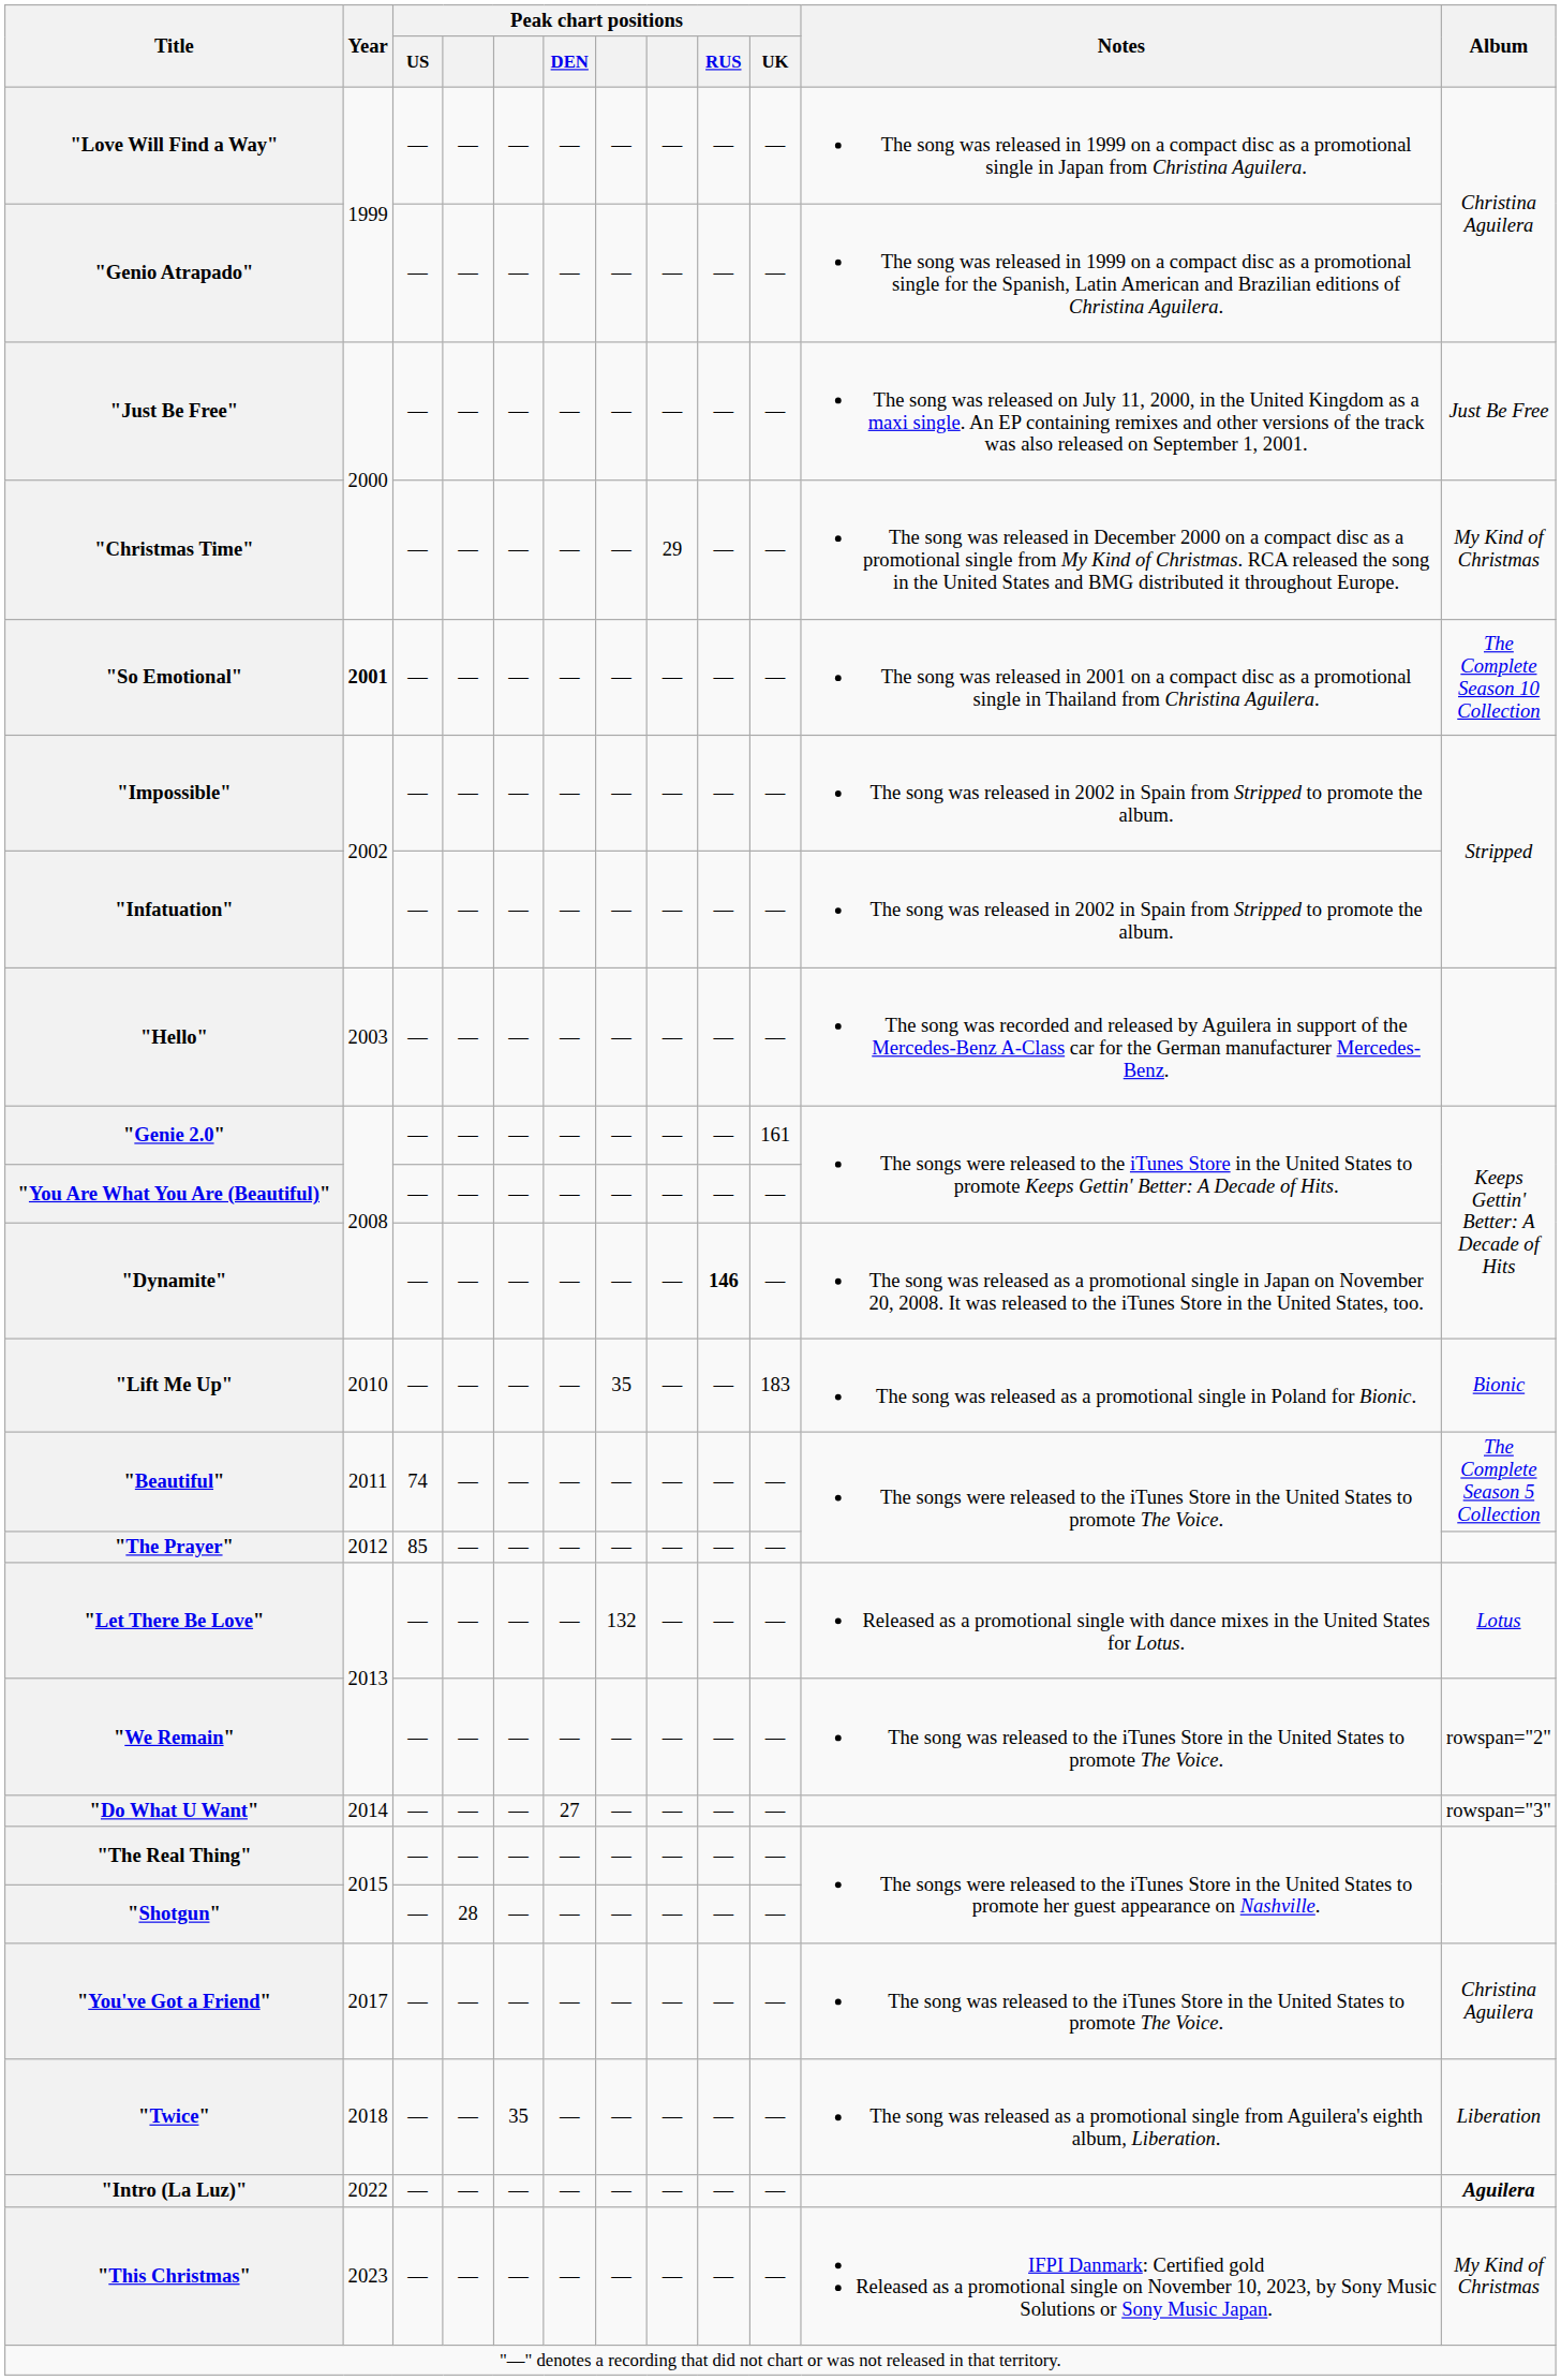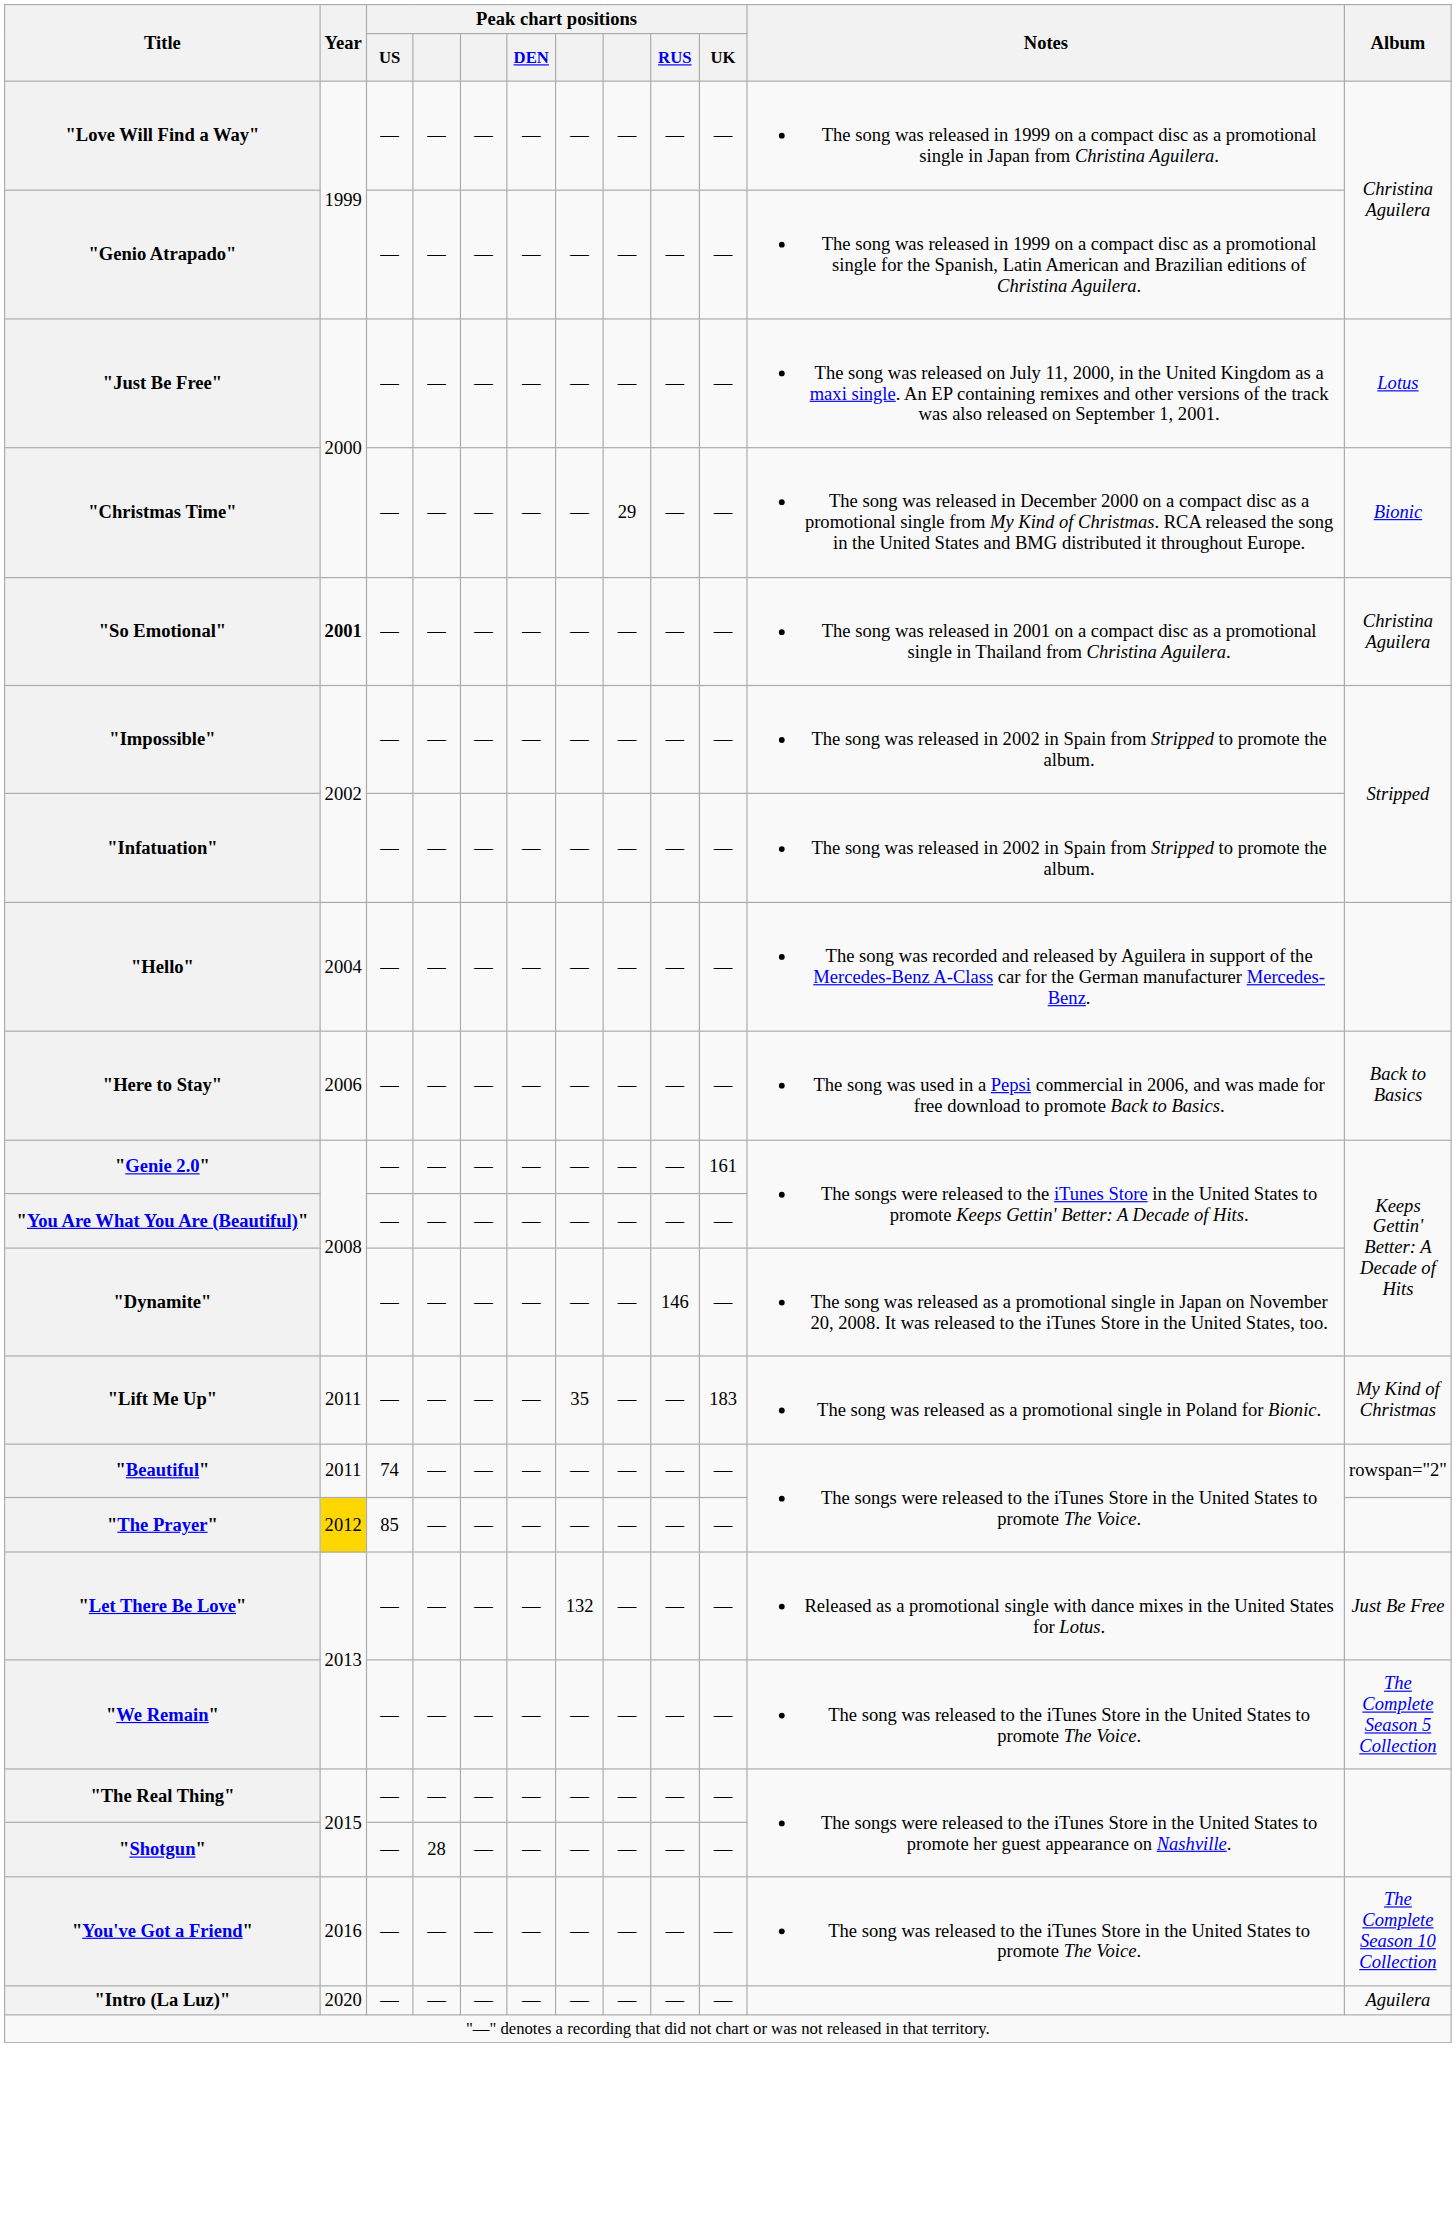 <table class="wikitable plainrowheaders" style="text-align:center;" border="1">
 <tr>
 <th scope="col" rowspan="2" style="width:18em;">Title</th>
 <th scope="col" rowspan="2">Year</th>
 <th scope="col" colspan="8">Peak chart positions</th>
 <th scope="col" rowspan="2" style="width:35em;">Notes</th>
 <th scope="col" rowspan="2">Album</th>
 </tr>
 <tr>
 <th scope="col" style="width:2.5em;font-size:90%;">US<br></th>
 <th scope="col" style="width:2.5em;font-size:90%;"><a href='#'></a><br></th>
 <th scope="col" style="width:2.5em;font-size:90%;"><a href='#'></a><br></th>
 <th scope="col" style="width:2.5em;font-size:90%;"><a href='#'>DEN</a><br></th>
 <th scope="col" style="width:2.5em;font-size:90%;"><a href='#'></a><br><br></th>
 <th scope="col" style="width:2.5em;font-size:90%;"><br></th>
 <th scope="col" style="width:2.5em;font-size:90%;"><a href='#'>RUS</a><br></th>
 <th scope="col" style="width:2.5em;font-size:90%;">UK<br></th>
 </tr>
 <tr>
 <th scope="row">"Love Will Find a Way"</th>
 <td rowspan="2">1999</td>
 <td>—</td>
 <td>—</td>
 <td>—</td>
 <td>—</td>
 <td>—</td>
 <td>—</td>
 <td>—</td>
 <td>—</td>
 <td><br><ul><li>The song was released in 1999 on a compact disc as a promotional single in Japan from <em>Christina Aguilera</em>.</li></ul></td>
 <td rowspan="2"><em>Christina Aguilera</em></td>
 </tr>
 <tr>
 <th scope="row">"Genio Atrapado"</th>
 <td>—</td>
 <td>—</td>
 <td>—</td>
 <td>—</td>
 <td>—</td>
 <td>—</td>
 <td>—</td>
 <td>—</td>
 <td><br><ul><li>The song was released in 1999 on a compact disc as a promotional single for the Spanish, Latin American and Brazilian editions of <em>Christina Aguilera</em>.</li></ul></td>
 </tr>
 <tr>
 <th scope="row">"Just Be Free"</th>
 <td rowspan="2">2000</td>
 <td>—</td>
 <td>—</td>
 <td>—</td>
 <td>—</td>
 <td>—</td>
 <td>—</td>
 <td>—</td>
 <td>—</td>
 <td><br><ul><li>The song was released on July 11, 2000, in the United Kingdom as a <a href='#'>maxi single</a>. An EP containing remixes and other versions of the track was also released on September 1, 2001.</li></ul></td>
-<td><em>Just Be Free</em></td>
+<td><em><a href='#'>Lotus</a></em></td>
 </tr>
 <tr>
 <th scope="row">"Christmas Time"</th>
 <td>—</td>
 <td>—</td>
 <td>—</td>
 <td>—</td>
 <td>—</td>
 <td>29</td>
 <td>—</td>
 <td>—</td>
 <td><br><ul><li>The song was released in December 2000 on a compact disc as a promotional single from <em>My Kind of Christmas</em>. RCA released the song in the United States and BMG distributed it throughout Europe.</li></ul></td>
-<td><em>My Kind of Christmas</em></td>
+<td><em><a href='#'>Bionic</a></em></td>
 </tr>
 <tr>
 <th scope="row">"So Emotional"</th>
 <td><strong>2001</strong></td>
 <td>—</td>
 <td>—</td>
 <td>—</td>
 <td>—</td>
 <td>—</td>
 <td>—</td>
 <td>—</td>
 <td>—</td>
 <td><br><ul><li>The song was released in 2001 on a compact disc as a promotional single in Thailand from <em>Christina Aguilera</em>.</li></ul></td>
-<td><em><a href='#'>The Complete Season 10 Collection</a></em></td>
+<td><em>Christina Aguilera</em></td>
 </tr>
 <tr>
 <th scope="row">"Impossible"</th>
 <td rowspan="2">2002</td>
 <td>—</td>
 <td>—</td>
 <td>—</td>
 <td>—</td>
 <td>—</td>
 <td>—</td>
 <td>—</td>
 <td>—</td>
 <td><br><ul><li>The song was released in 2002 in Spain from <em>Stripped</em> to promote the album.</li></ul></td>
 <td rowspan="2"><em>Stripped</em></td>
 </tr>
 <tr>
 <th scope="row">"Infatuation"</th>
 <td>—</td>
 <td>—</td>
 <td>—</td>
 <td>—</td>
 <td>—</td>
 <td>—</td>
 <td>—</td>
 <td>—</td>
 <td><br><ul><li>The song was released in 2002 in Spain from <em>Stripped</em> to promote the album.</li></ul></td>
 </tr>
 <tr>
 <th scope="row">"Hello"</th>
-<td>2003</td>
+<td>2004</td>
 <td>—</td>
 <td>—</td>
 <td>—</td>
 <td>—</td>
 <td>—</td>
 <td>—</td>
 <td>—</td>
 <td>—</td>
 <td><br><ul><li>The song was recorded and released by Aguilera in support of the <a href='#'>Mercedes-Benz A-Class</a> car for the German manufacturer <a href='#'>Mercedes-Benz</a>.</li></ul></td>
 <td></td>
+</tr>
+<tr>
+<th scope="row">"Here to Stay"</th>
+<td>2006</td>
+<td>—</td>
+<td>—</td>
+<td>—</td>
+<td>—</td>
+<td>—</td>
+<td>—</td>
+<td>—</td>
+<td>—</td>
+<td><br><ul><li>The song was used in a <a href='#'>Pepsi</a> commercial in 2006, and was made for free download to promote <em>Back to Basics</em>.</li></ul></td>
+<td><em>Back to Basics</em></td>
 </tr>
 <tr>
 <th scope="row">"<a href='#'>Genie 2.0</a>"</th>
 <td rowspan="3">2008</td>
 <td>—</td>
 <td>—</td>
 <td>—</td>
 <td>—</td>
 <td>—</td>
 <td>—</td>
 <td>—</td>
 <td>161</td>
 <td rowspan="2"><br><ul><li>The songs were released to the <a href='#'>iTunes Store</a> in the United States to promote <em>Keeps Gettin' Better: A Decade of Hits</em>.</li></ul></td>
 <td rowspan="3"><em>Keeps Gettin' Better: A Decade of Hits</em></td>
 </tr>
 <tr>
 <th scope="row">"<a href='#'>You Are What You Are (Beautiful)</a>"</th>
 <td>—</td>
 <td>—</td>
 <td>—</td>
 <td>—</td>
 <td>—</td>
 <td>—</td>
 <td>—</td>
 <td>—</td>
 </tr>
 <tr>
 <th scope="row">"Dynamite"</th>
 <td>—</td>
 <td>—</td>
 <td>—</td>
 <td>—</td>
 <td>—</td>
 <td>—</td>
-<td><strong>146</strong></td>
+<td>146</td>
 <td>—</td>
 <td><br><ul><li>The song was released as a promotional single in Japan on November 20, 2008. It was released to the iTunes Store in the United States, too.</li></ul></td>
 </tr>
 <tr>
 <th scope="row">"Lift Me Up"</th>
-<td>2010</td>
+<td>2011</td>
 <td>—</td>
 <td>—</td>
 <td>—</td>
 <td>—</td>
 <td>35</td>
 <td>—</td>
 <td>—</td>
 <td>183</td>
 <td><br><ul><li>The song was released as a promotional single in Poland for <em>Bionic</em>.</li></ul></td>
-<td><em><a href='#'>Bionic</a></em></td>
+<td><em>My Kind of Christmas</em></td>
 </tr>
 <tr>
 <th scope="row">"<a href='#'>Beautiful</a>"<br></th>
 <td>2011</td>
 <td>74</td>
 <td>—</td>
 <td>—</td>
 <td>—</td>
 <td>—</td>
 <td>—</td>
 <td>—</td>
 <td>—</td>
 <td rowspan="2"><br><ul><li>The songs were released to the iTunes Store in the United States to promote <em>The Voice</em>.</li></ul></td>
-<td><em><a href='#'>The Complete Season 5 Collection</a></em></td>
+<td>rowspan="2" </td>
 </tr>
 <tr>
 <th scope="row">"<a href='#'>The Prayer</a>"<br></th>
-<td>2012</td>
+<td style="background: gold;">2012</td>
 <td>85</td>
 <td>—</td>
 <td>—</td>
 <td>—</td>
 <td>—</td>
 <td>—</td>
 <td>—</td>
 <td>—</td>
 </tr>
 <tr>
 <th scope="row">"<a href='#'>Let There Be Love</a>"</th>
 <td rowspan="2">2013</td>
 <td>—</td>
 <td>—</td>
 <td>—</td>
 <td>—</td>
 <td>132</td>
 <td>—</td>
 <td>—</td>
 <td>—</td>
 <td><br><ul><li>Released as a promotional single with dance mixes in the United States for <em>Lotus</em>.</li></ul></td>
-<td><em><a href='#'>Lotus</a></em></td>
+<td><em>Just Be Free</em></td>
 </tr>
 <tr>
 <th scope="row">"<a href='#'>We Remain</a>"<br></th>
 <td>—</td>
 <td>—</td>
 <td>—</td>
 <td>—</td>
 <td>—</td>
 <td>—</td>
 <td>—</td>
 <td>—</td>
 <td><br><ul><li>The song was released to the iTunes Store in the United States to promote <em>The Voice</em>.</li></ul></td>
-<td>rowspan="2" </td>
-</tr>
-<tr>
-<th scope="row">"<a href='#'>Do What U Want</a>" <br></th>
-<td>2014</td>
-<td>—</td>
-<td>—</td>
-<td>—</td>
-<td>27</td>
-<td>—</td>
-<td>—</td>
-<td>—</td>
-<td>—</td>
-<td></td>
-<td>rowspan="3" </td>
+<td><em><a href='#'>The Complete Season 5 Collection</a></em></td>
 </tr>
 <tr>
 <th scope="row">"The Real Thing"<br></th>
 <td rowspan="2">2015</td>
 <td>—</td>
 <td>—</td>
 <td>—</td>
 <td>—</td>
 <td>—</td>
 <td>—</td>
 <td>—</td>
 <td>—</td>
 <td rowspan="2"><br><ul><li>The songs were released to the iTunes Store in the United States to promote her guest appearance on <em><a href='#'>Nashville</a></em>.</li></ul></td>
 </tr>
 <tr>
 <th scope="row">"<a href='#'>Shotgun</a>"<br></th>
 <td>—</td>
 <td>28</td>
 <td>—</td>
 <td>—</td>
 <td>—</td>
 <td>—</td>
 <td>—</td>
 <td>—</td>
 </tr>
 <tr>
 <th scope="row">"<a href='#'>You've Got a Friend</a>"<br></th>
-<td>2017</td>
+<td>2016</td>
 <td>—</td>
 <td>—</td>
 <td>—</td>
 <td>—</td>
 <td>—</td>
 <td>—</td>
 <td>—</td>
 <td>—</td>
 <td><br><ul><li>The song was released to the iTunes Store in the United States to promote <em>The Voice</em>.</li></ul></td>
-<td><em>Christina Aguilera</em></td>
-</tr>
-<tr>
-<th scope="row">"<a href='#'>Twice</a>"</th>
-<td>2018</td>
-<td>—</td>
-<td>—</td>
-<td>35</td>
-<td>—</td>
-<td>—</td>
-<td>—</td>
-<td>—</td>
-<td>—</td>
-<td rowspan="1"><br><ul><li>The song was released as a promotional single from Aguilera's eighth album, <em>Liberation</em>.</li></ul></td>
-<td rowspan=1""><em>Liberation</em></td>
+<td><em><a href='#'>The Complete Season 10 Collection</a></em></td>
 </tr>
 <tr>
 <th scope="row">"Intro (La Luz)"</th>
-<td>2022</td>
+<td>2020</td>
 <td>—</td>
 <td>—</td>
 <td>—</td>
 <td>—</td>
 <td>—</td>
 <td>—</td>
 <td>—</td>
 <td>—</td>
 <td></td>
-<td><strong><em>Aguilera</em></strong></td>
-</tr>
-<tr>
-<th scope="row">"<a href='#'>This Christmas</a>"</th>
-<td>2023</td>
-<td>—</td>
-<td>—</td>
-<td>—</td>
-<td>—</td>
-<td>—</td>
-<td>—</td>
-<td>—</td>
-<td>—</td>
-<td><br><ul><li><a href='#'>IFPI Danmark</a>: Certified gold</li><li>Released as a promotional single on November 10, 2023, by Sony Music Solutions or <a href='#'>Sony Music Japan</a>.</li></ul></td>
-<td><em>My Kind of Christmas</em></td>
+<td><em>Aguilera</em></td>
 </tr>
 <tr>
 <td colspan="12" style="font-size:90%">"—" denotes a recording that did not chart or was not released in that territory.</td>
 </tr>
 </table>
